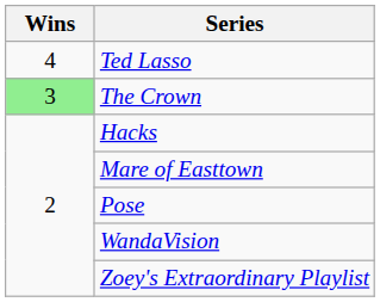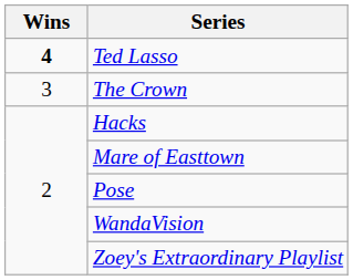 <table class="wikitable">
 <tr>
 <th scope="col" style="width:55px;">Wins</th>
 <th scope="col" style="text-align:center;">Series</th>
 </tr>
 <tr>
-<td rowspan="1" style="text-align:center">4</td>
+<td rowspan="1" style="text-align:center"><strong>4</strong></td>
 <td><em><a href='#'>Ted Lasso</a></em></td>
 </tr>
 <tr>
-<td rowspan="1" style="background: lightgreen; text-align:center">3</td>
+<td rowspan="1" style="text-align:center">3</td>
 <td><em><a href='#'>The Crown</a></em></td>
 </tr>
 <tr>
 <td rowspan="5" style="text-align:center">2</td>
 <td><em><a href='#'>Hacks</a></em></td>
 </tr>
 <tr>
 <td><em><a href='#'>Mare of Easttown</a></em></td>
 </tr>
 <tr>
 <td><em><a href='#'>Pose</a></em></td>
 </tr>
 <tr>
 <td><em><a href='#'>WandaVision</a></em></td>
 </tr>
 <tr>
 <td><em><a href='#'>Zoey's Extraordinary Playlist</a></em></td>
 </tr>
 </table>
